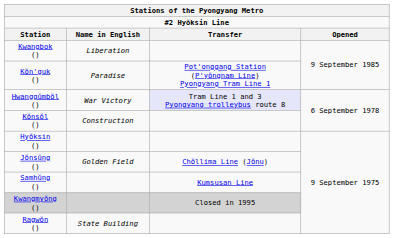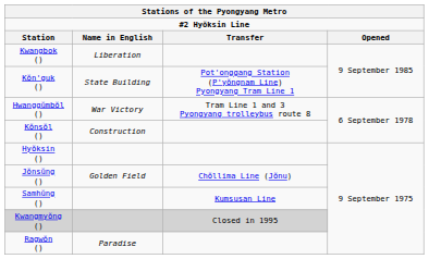 <table class="wikitable" style="width:50%; text-align:center; font-size:90%">
 <tr>
 <th colspan=4>Stations of the Pyongyang Metro</th>
 </tr>
 <tr>
 <td colspan=4 style="background-color:#"><strong>#2 Hyŏksin Line </strong></td>
 </tr>
 <tr>
 <th>Station</th>
 <th>Name in English</th>
 <th>Transfer</th>
 <th>Opened</th>
 </tr>
 <tr>
 <td><a href='#'>Kwangbok</a><br>()</td>
 <td><em>Liberation</em></td>
 <td></td>
 <td rowspan=2>9 September 1985</td>
 </tr>
 <tr>
 <td><a href='#'>Kŏn'guk</a><br>()</td>
-<td><em>Paradise</em></td>
+<td><em>State Building</em></td>
 <td> <a href='#'>Pot'onggang Station</a><br>(<a href='#'>P'yŏngnam Line</a>)<br> <a href='#'>Pyongyang Tram Line 1</a></td>
 </tr>
 <tr>
 <td><a href='#'>Hwanggŭmbŏl</a><br>()</td>
 <td><em>War Victory</em></td>
-<td style="background: lavender;"> Tram Line 1 and 3<br><a href='#'>Pyongyang trolleybus</a> route 8</td>
+<td> Tram Line 1 and 3<br><a href='#'>Pyongyang trolleybus</a> route 8</td>
 <td rowspan=2>6 September 1978</td>
 </tr>
 <tr>
 <td><a href='#'>Kŏnsŏl</a><br>()</td>
 <td><em>Construction</em></td>
 <td></td>
 </tr>
 <tr>
 <td><a href='#'>Hyŏksin</a><br>()</td>
 <td></td>
 <td></td>
 <td rowspan=5>9 September 1975</td>
 </tr>
 <tr>
 <td><a href='#'>Jŏnsŭng</a><br>()</td>
 <td><em>Golden Field</em></td>
 <td> <a href='#'>Chŏllima Line</a> (<a href='#'>Jŏnu</a>)</td>
 </tr>
 <tr>
 <td><a href='#'>Samhŭng</a><br>()</td>
 <td></td>
 <td><a href='#'>Kumsusan Line</a></td>
 </tr>
 <tr bgcolor="lightgray">
 <td><a href='#'>Kwangmyŏng</a><br>()</td>
 <td></td>
 <td>Closed in 1995</td>
 </tr>
 <tr>
 <td><a href='#'>Ragwŏn</a><br>()</td>
-<td><em>State Building</em></td>
+<td><em>Paradise</em></td>
 <td></td>
 </tr>
 </table>
